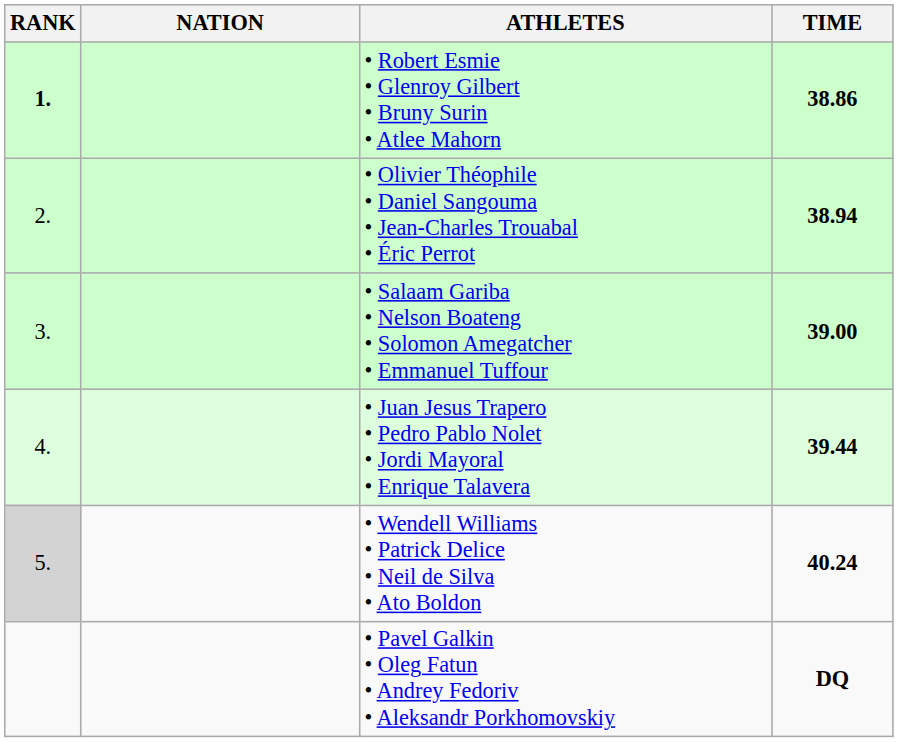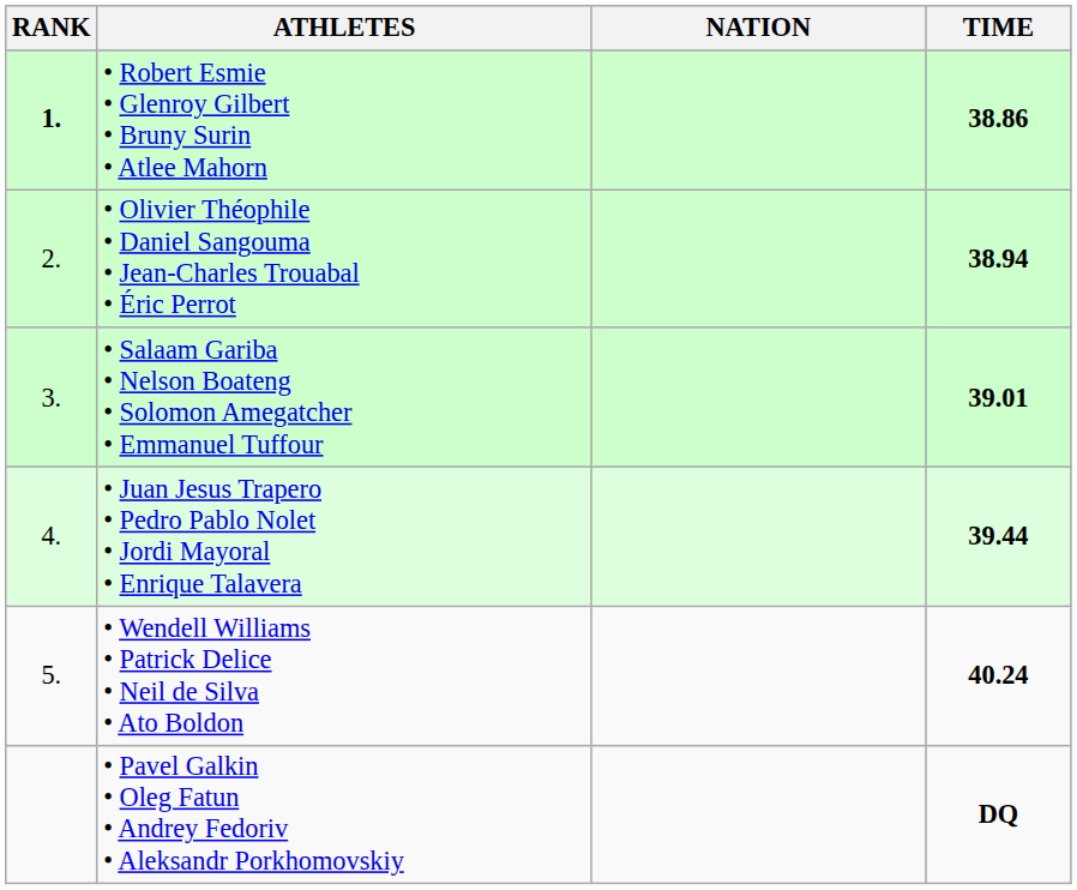 <table class="wikitable" style="border-collapse: collapse; font-size: 90%;">
 <tr>
 <th>RANK</th>
+<th style="width: 18em">ATHLETES</th>
 <th style="width: 12em">NATION</th>
-<th style="width: 18em">ATHLETES</th>
 <th style="width: 5em">TIME</th>
 </tr>
 <tr style="background:#ccffcc;">
 <td align="center"><strong>1.</strong></td>
+<td>• <a href='#'>Robert Esmie</a><br>• <a href='#'>Glenroy Gilbert</a><br>• <a href='#'>Bruny Surin</a><br>• <a href='#'>Atlee Mahorn</a></td>
 <td align="center"></td>
-<td>• <a href='#'>Robert Esmie</a><br>• <a href='#'>Glenroy Gilbert</a><br>• <a href='#'>Bruny Surin</a><br>• <a href='#'>Atlee Mahorn</a></td>
 <td align="center"><strong>38.86</strong></td>
 </tr>
 <tr style="background:#ccffcc;">
 <td align="center">2.</td>
+<td>• <a href='#'>Olivier Théophile</a><br>• <a href='#'>Daniel Sangouma</a><br>• <a href='#'>Jean-Charles Trouabal</a><br>• <a href='#'>Éric Perrot</a></td>
 <td align="center"></td>
-<td>• <a href='#'>Olivier Théophile</a><br>• <a href='#'>Daniel Sangouma</a><br>• <a href='#'>Jean-Charles Trouabal</a><br>• <a href='#'>Éric Perrot</a></td>
 <td align="center"><strong>38.94</strong></td>
 </tr>
 <tr style="background:#ccffcc;">
 <td align="center">3.</td>
+<td>• <a href='#'>Salaam Gariba</a><br>• <a href='#'>Nelson Boateng</a><br>• <a href='#'>Solomon Amegatcher</a><br>• <a href='#'>Emmanuel Tuffour</a></td>
 <td align="center"></td>
-<td>• <a href='#'>Salaam Gariba</a><br>• <a href='#'>Nelson Boateng</a><br>• <a href='#'>Solomon Amegatcher</a><br>• <a href='#'>Emmanuel Tuffour</a></td>
-<td align="center"><strong>39.00</strong></td>
+<td align="center"><strong>39.01</strong></td>
 </tr>
 <tr style="background:#ddffdd;">
 <td align="center">4.</td>
+<td>• <a href='#'>Juan Jesus Trapero</a><br>• <a href='#'>Pedro Pablo Nolet</a><br>• <a href='#'>Jordi Mayoral</a><br>• <a href='#'>Enrique Talavera</a></td>
 <td align="center"></td>
-<td>• <a href='#'>Juan Jesus Trapero</a><br>• <a href='#'>Pedro Pablo Nolet</a><br>• <a href='#'>Jordi Mayoral</a><br>• <a href='#'>Enrique Talavera</a></td>
 <td align="center"><strong>39.44</strong></td>
 </tr>
 <tr>
-<td align="center" style="background: lightgrey;">5.</td>
+<td align="center">5.</td>
+<td>• <a href='#'>Wendell Williams</a><br>• <a href='#'>Patrick Delice</a><br>• <a href='#'>Neil de Silva</a><br>• <a href='#'>Ato Boldon</a></td>
 <td align="center"></td>
-<td>• <a href='#'>Wendell Williams</a><br>• <a href='#'>Patrick Delice</a><br>• <a href='#'>Neil de Silva</a><br>• <a href='#'>Ato Boldon</a></td>
 <td align="center"><strong>40.24</strong></td>
 </tr>
 <tr>
 <td align="center"></td>
+<td>• <a href='#'>Pavel Galkin</a><br>• <a href='#'>Oleg Fatun</a><br>• <a href='#'>Andrey Fedoriv</a><br>• <a href='#'>Aleksandr Porkhomovskiy</a></td>
 <td align="center"></td>
-<td>• <a href='#'>Pavel Galkin</a><br>• <a href='#'>Oleg Fatun</a><br>• <a href='#'>Andrey Fedoriv</a><br>• <a href='#'>Aleksandr Porkhomovskiy</a></td>
 <td align="center"><strong>DQ</strong></td>
 </tr>
 </table>
